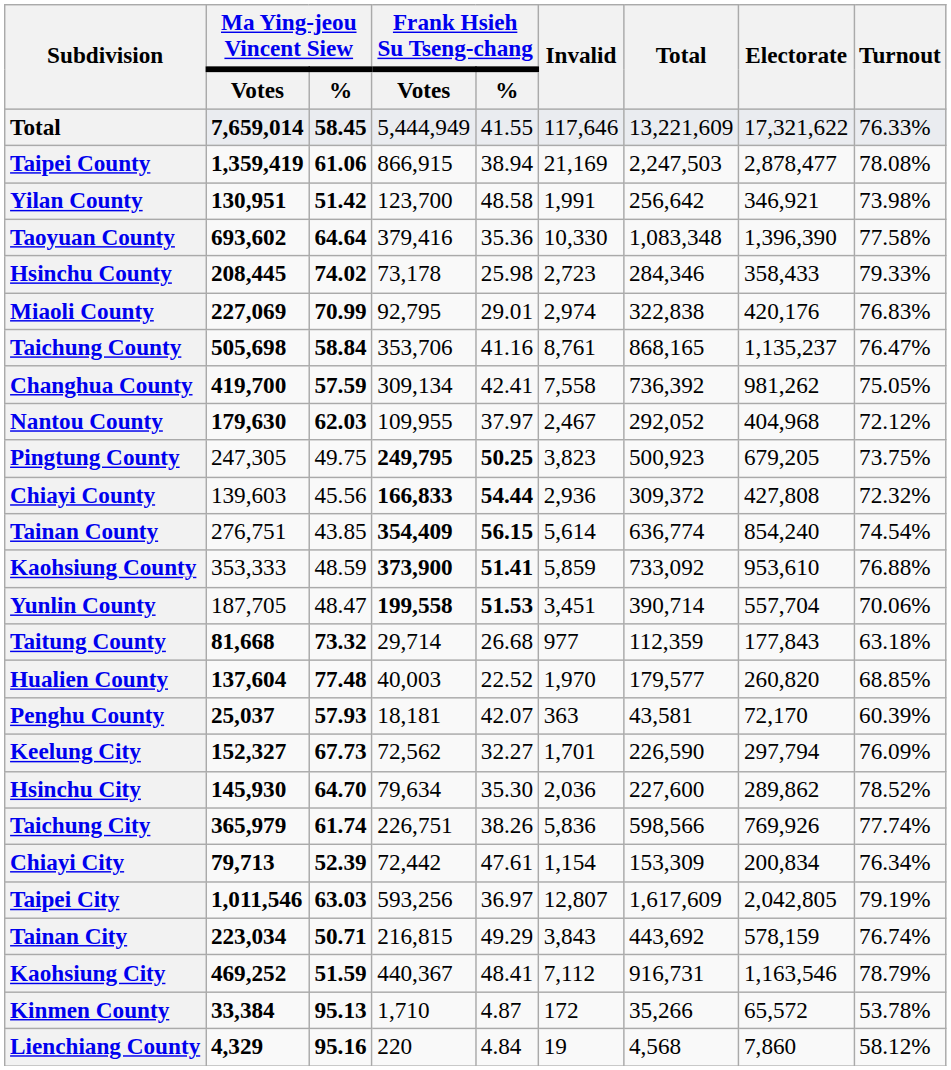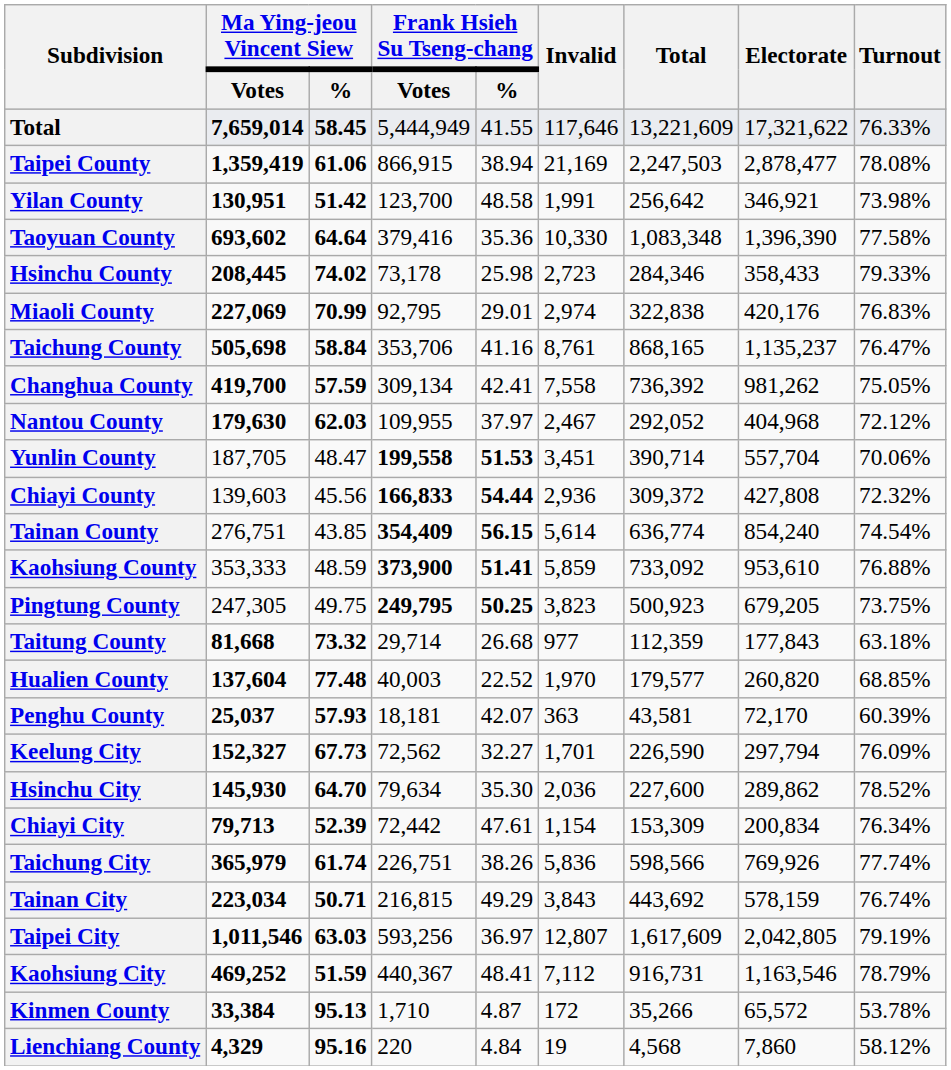 <table class="wikitable sortable">
 <tr>
 <th rowspan="2">Subdivision</th>
 <th colspan="2" style="border-bottom:4px solid "><a href='#'>Ma Ying-jeou</a><br><a href='#'>Vincent Siew</a></th>
 <th colspan="2" style="border-bottom:4px solid "><a href='#'>Frank Hsieh</a><br><a href='#'>Su Tseng-chang</a></th>
 <th rowspan="2">Invalid</th>
 <th rowspan="2">Total</th>
 <th rowspan="2">Electorate</th>
 <th rowspan="2">Turnout</th>
 </tr>
 <tr>
 <th>Votes</th>
 <th>%</th>
 <th>Votes</th>
 <th>%</th>
 </tr>
 <tr style="background-color:#eaecf0">
 <th style="text-align: left;">Total</th>
 <td><strong>7,659,014</strong></td>
 <td><strong>58.45</strong></td>
 <td>5,444,949</td>
 <td>41.55</td>
 <td>117,646</td>
 <td>13,221,609</td>
 <td>17,321,622</td>
 <td>76.33%</td>
 </tr>
 <tr>
 <th style="text-align: left;"><a href='#'>Taipei County</a></th>
 <td><strong>1,359,419</strong></td>
 <td><strong>61.06</strong></td>
 <td>866,915</td>
 <td>38.94</td>
 <td>21,169</td>
 <td>2,247,503</td>
 <td>2,878,477</td>
 <td>78.08%</td>
 </tr>
 <tr>
 <th style="text-align: left;"><a href='#'>Yilan County</a></th>
 <td><strong>130,951</strong></td>
 <td><strong>51.42</strong></td>
 <td>123,700</td>
 <td>48.58</td>
 <td>1,991</td>
 <td>256,642</td>
 <td>346,921</td>
 <td>73.98%</td>
 </tr>
 <tr>
 <th style="text-align: left;"><a href='#'>Taoyuan County</a></th>
 <td><strong>693,602</strong></td>
 <td><strong>64.64</strong></td>
 <td>379,416</td>
 <td>35.36</td>
 <td>10,330</td>
 <td>1,083,348</td>
 <td>1,396,390</td>
 <td>77.58%</td>
 </tr>
 <tr>
 <th style="text-align: left;"><a href='#'>Hsinchu County</a></th>
 <td><strong>208,445</strong></td>
 <td><strong>74.02</strong></td>
 <td>73,178</td>
 <td>25.98</td>
 <td>2,723</td>
 <td>284,346</td>
 <td>358,433</td>
 <td>79.33%</td>
 </tr>
 <tr>
 <th style="text-align: left;"><a href='#'>Miaoli County</a></th>
 <td><strong>227,069</strong></td>
 <td><strong>70.99</strong></td>
 <td>92,795</td>
 <td>29.01</td>
 <td>2,974</td>
 <td>322,838</td>
 <td>420,176</td>
 <td>76.83%</td>
 </tr>
 <tr>
 <th style="text-align: left;"><a href='#'>Taichung County</a></th>
 <td><strong>505,698</strong></td>
 <td><strong>58.84</strong></td>
 <td>353,706</td>
 <td>41.16</td>
 <td>8,761</td>
 <td>868,165</td>
 <td>1,135,237</td>
 <td>76.47%</td>
 </tr>
 <tr>
 <th style="text-align: left;"><a href='#'>Changhua County</a></th>
 <td><strong>419,700</strong></td>
 <td><strong>57.59</strong></td>
 <td>309,134</td>
 <td>42.41</td>
 <td>7,558</td>
 <td>736,392</td>
 <td>981,262</td>
 <td>75.05%</td>
 </tr>
 <tr>
 <th style="text-align: left;"><a href='#'>Nantou County</a></th>
 <td><strong>179,630</strong></td>
 <td><strong>62.03</strong></td>
 <td>109,955</td>
 <td>37.97</td>
 <td>2,467</td>
 <td>292,052</td>
 <td>404,968</td>
 <td>72.12%</td>
 </tr>
 <tr>
-<th style="text-align: left;"><a href='#'>Pingtung County</a></th>
-<td>247,305</td>
-<td>49.75</td>
-<td><strong>249,795</strong></td>
-<td><strong>50.25</strong></td>
-<td>3,823</td>
-<td>500,923</td>
-<td>679,205</td>
-<td>73.75%</td>
+<th style="text-align: left;"><a href='#'>Yunlin County</a></th>
+<td>187,705</td>
+<td>48.47</td>
+<td><strong>199,558</strong></td>
+<td><strong>51.53</strong></td>
+<td>3,451</td>
+<td>390,714</td>
+<td>557,704</td>
+<td>70.06%</td>
 </tr>
 <tr>
 <th style="text-align: left;"><a href='#'>Chiayi County</a></th>
 <td>139,603</td>
 <td>45.56</td>
 <td><strong>166,833</strong></td>
 <td><strong>54.44</strong></td>
 <td>2,936</td>
 <td>309,372</td>
 <td>427,808</td>
 <td>72.32%</td>
 </tr>
 <tr>
 <th style="text-align: left;"><a href='#'>Tainan County</a></th>
 <td>276,751</td>
 <td>43.85</td>
 <td><strong>354,409</strong></td>
 <td><strong>56.15</strong></td>
 <td>5,614</td>
 <td>636,774</td>
 <td>854,240</td>
 <td>74.54%</td>
 </tr>
 <tr>
 <th style="text-align: left;"><a href='#'>Kaohsiung County</a></th>
 <td>353,333</td>
 <td>48.59</td>
 <td><strong>373,900</strong></td>
 <td><strong>51.41</strong></td>
 <td>5,859</td>
 <td>733,092</td>
 <td>953,610</td>
 <td>76.88%</td>
 </tr>
 <tr>
-<th style="text-align: left;"><a href='#'>Yunlin County</a></th>
-<td>187,705</td>
-<td>48.47</td>
-<td><strong>199,558</strong></td>
-<td><strong>51.53</strong></td>
-<td>3,451</td>
-<td>390,714</td>
-<td>557,704</td>
-<td>70.06%</td>
+<th style="text-align: left;"><a href='#'>Pingtung County</a></th>
+<td>247,305</td>
+<td>49.75</td>
+<td><strong>249,795</strong></td>
+<td><strong>50.25</strong></td>
+<td>3,823</td>
+<td>500,923</td>
+<td>679,205</td>
+<td>73.75%</td>
 </tr>
 <tr>
 <th style="text-align: left;"><a href='#'>Taitung County</a></th>
 <td><strong>81,668</strong></td>
 <td><strong>73.32</strong></td>
 <td>29,714</td>
 <td>26.68</td>
 <td>977</td>
 <td>112,359</td>
 <td>177,843</td>
 <td>63.18%</td>
 </tr>
 <tr>
 <th style="text-align: left;"><a href='#'>Hualien County</a></th>
 <td><strong>137,604</strong></td>
 <td><strong>77.48</strong></td>
 <td>40,003</td>
 <td>22.52</td>
 <td>1,970</td>
 <td>179,577</td>
 <td>260,820</td>
 <td>68.85%</td>
 </tr>
 <tr>
 <th style="text-align: left;"><a href='#'>Penghu County</a></th>
 <td><strong>25,037</strong></td>
 <td><strong>57.93</strong></td>
 <td>18,181</td>
 <td>42.07</td>
 <td>363</td>
 <td>43,581</td>
 <td>72,170</td>
 <td>60.39%</td>
 </tr>
 <tr>
 <th style="text-align: left;"><a href='#'>Keelung City</a></th>
 <td><strong>152,327</strong></td>
 <td><strong>67.73</strong></td>
 <td>72,562</td>
 <td>32.27</td>
 <td>1,701</td>
 <td>226,590</td>
 <td>297,794</td>
 <td>76.09%</td>
 </tr>
 <tr>
 <th style="text-align: left;"><a href='#'>Hsinchu City</a></th>
 <td><strong>145,930</strong></td>
 <td><strong>64.70</strong></td>
 <td>79,634</td>
 <td>35.30</td>
 <td>2,036</td>
 <td>227,600</td>
 <td>289,862</td>
 <td>78.52%</td>
 </tr>
 <tr>
+<th style="text-align: left;"><a href='#'>Chiayi City</a></th>
+<td><strong>79,713</strong></td>
+<td><strong>52.39</strong></td>
+<td>72,442</td>
+<td>47.61</td>
+<td>1,154</td>
+<td>153,309</td>
+<td>200,834</td>
+<td>76.34%</td>
+</tr>
+<tr>
 <th style="text-align: left;"><a href='#'>Taichung City</a></th>
 <td><strong>365,979</strong></td>
 <td><strong>61.74</strong></td>
 <td>226,751</td>
 <td>38.26</td>
 <td>5,836</td>
 <td>598,566</td>
 <td>769,926</td>
 <td>77.74%</td>
 </tr>
 <tr>
-<th style="text-align: left;"><a href='#'>Chiayi City</a></th>
-<td><strong>79,713</strong></td>
-<td><strong>52.39</strong></td>
-<td>72,442</td>
-<td>47.61</td>
-<td>1,154</td>
-<td>153,309</td>
-<td>200,834</td>
-<td>76.34%</td>
+<th style="text-align: left;"><a href='#'>Tainan City</a></th>
+<td><strong>223,034</strong></td>
+<td><strong>50.71</strong></td>
+<td>216,815</td>
+<td>49.29</td>
+<td>3,843</td>
+<td>443,692</td>
+<td>578,159</td>
+<td>76.74%</td>
 </tr>
 <tr>
 <th style="text-align: left;"><a href='#'>Taipei City</a></th>
 <td><strong>1,011,546</strong></td>
 <td><strong>63.03</strong></td>
 <td>593,256</td>
 <td>36.97</td>
 <td>12,807</td>
 <td>1,617,609</td>
 <td>2,042,805</td>
 <td>79.19%</td>
-</tr>
-<tr>
-<th style="text-align: left;"><a href='#'>Tainan City</a></th>
-<td><strong>223,034</strong></td>
-<td><strong>50.71</strong></td>
-<td>216,815</td>
-<td>49.29</td>
-<td>3,843</td>
-<td>443,692</td>
-<td>578,159</td>
-<td>76.74%</td>
 </tr>
 <tr>
 <th style="text-align: left;"><a href='#'>Kaohsiung City</a></th>
 <td><strong>469,252</strong></td>
 <td><strong>51.59</strong></td>
 <td>440,367</td>
 <td>48.41</td>
 <td>7,112</td>
 <td>916,731</td>
 <td>1,163,546</td>
 <td>78.79%</td>
 </tr>
 <tr>
 <th style="text-align: left;"><a href='#'>Kinmen County</a></th>
 <td><strong>33,384</strong></td>
 <td><strong>95.13</strong></td>
 <td>1,710</td>
 <td>4.87</td>
 <td>172</td>
 <td>35,266</td>
 <td>65,572</td>
 <td>53.78%</td>
 </tr>
 <tr>
 <th style="text-align: left;"><a href='#'>Lienchiang County</a></th>
 <td><strong>4,329</strong></td>
 <td><strong>95.16</strong></td>
 <td>220</td>
 <td>4.84</td>
 <td>19</td>
 <td>4,568</td>
 <td>7,860</td>
 <td>58.12%</td>
 </tr>
 </table>
